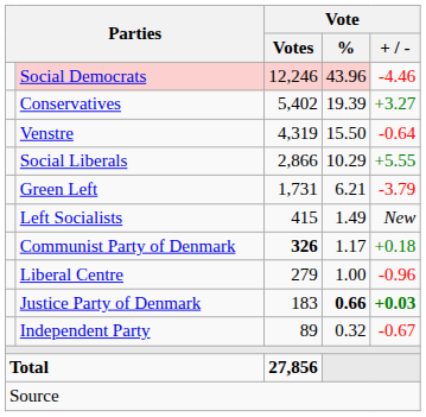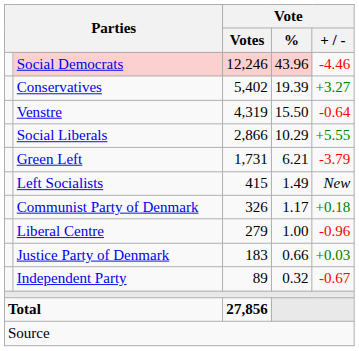 <table class="wikitable" style="text-align:right;">
 <tr>
 <th style="text-align:centre;" rowspan="2" colspan="2" width="225">Parties</th>
 <th colspan="3">Vote</th>
 </tr>
 <tr>
 <th width="15">Votes</th>
 <th width="15">%</th>
 <th width="15">+ / -</th>
 </tr>
 <tr>
 <td width="2" style="color:inherit;background:"></td>
 <td bgcolor=#fbd0ce  align="left"><a href='#'>Social Democrats</a></td>
 <td bgcolor=#fbd0ce>12,246</td>
 <td bgcolor=#fbd0ce>43.96</td>
 <td style=color:red;>-4.46</td>
 </tr>
 <tr>
 <td width="2" style="color:inherit;background:"></td>
 <td align="left"><a href='#'>Conservatives</a></td>
 <td>5,402</td>
 <td>19.39</td>
 <td style=color:green;>+3.27</td>
 </tr>
 <tr>
 <td width="2" style="color:inherit;background:"></td>
 <td align="left"><a href='#'>Venstre</a></td>
 <td>4,319</td>
 <td>15.50</td>
 <td style=color:red;>-0.64</td>
 </tr>
 <tr>
 <td width="2" style="color:inherit;background:"></td>
 <td align="left"><a href='#'>Social Liberals</a></td>
 <td>2,866</td>
 <td>10.29</td>
 <td style=color:green;>+5.55</td>
 </tr>
 <tr>
 <td width="2" style="color:inherit;background:"></td>
 <td align="left"><a href='#'>Green Left</a></td>
 <td>1,731</td>
 <td>6.21</td>
 <td style=color:red;>-3.79</td>
 </tr>
 <tr>
 <td width="2" style="color:inherit;background:"></td>
 <td align="left"><a href='#'>Left Socialists</a></td>
 <td>415</td>
 <td>1.49</td>
 <td><em>New</em></td>
 </tr>
 <tr>
 <td width="2" style="color:inherit;background:"></td>
 <td align="left"><a href='#'>Communist Party of Denmark</a></td>
-<td><strong>326</strong></td>
+<td>326</td>
 <td>1.17</td>
 <td style=color:green;>+0.18</td>
 </tr>
 <tr>
 <td width="2" style="color:inherit;background:"></td>
 <td align="left"><a href='#'>Liberal Centre</a></td>
 <td>279</td>
 <td>1.00</td>
 <td style=color:red;>-0.96</td>
 </tr>
 <tr>
 <td width="2" style="color:inherit;background:"></td>
 <td align="left"><a href='#'>Justice Party of Denmark</a></td>
 <td>183</td>
-<td><strong>0.66</strong></td>
-<td style=color:green;><strong>+0.03</strong></td>
+<td>0.66</td>
+<td style=color:green;>+0.03</td>
 </tr>
 <tr>
 <td width="2" style="color:inherit;background:"></td>
 <td align="left"><a href='#'>Independent Party</a></td>
 <td>89</td>
 <td>0.32</td>
 <td style=color:red;>-0.67</td>
 </tr>
 <tr>
 <td colspan="7" bgcolor="#E9E9E9"></td>
 </tr>
 <tr>
 <td align="left" colspan="2"><strong>Total</strong></td>
 <td><strong>27,856</strong></td>
 <td bgcolor="#E9E9E9" colspan="2"></td>
 </tr>
 <tr>
 <td align="left" colspan="6">Source</td>
 </tr>
 </table>
